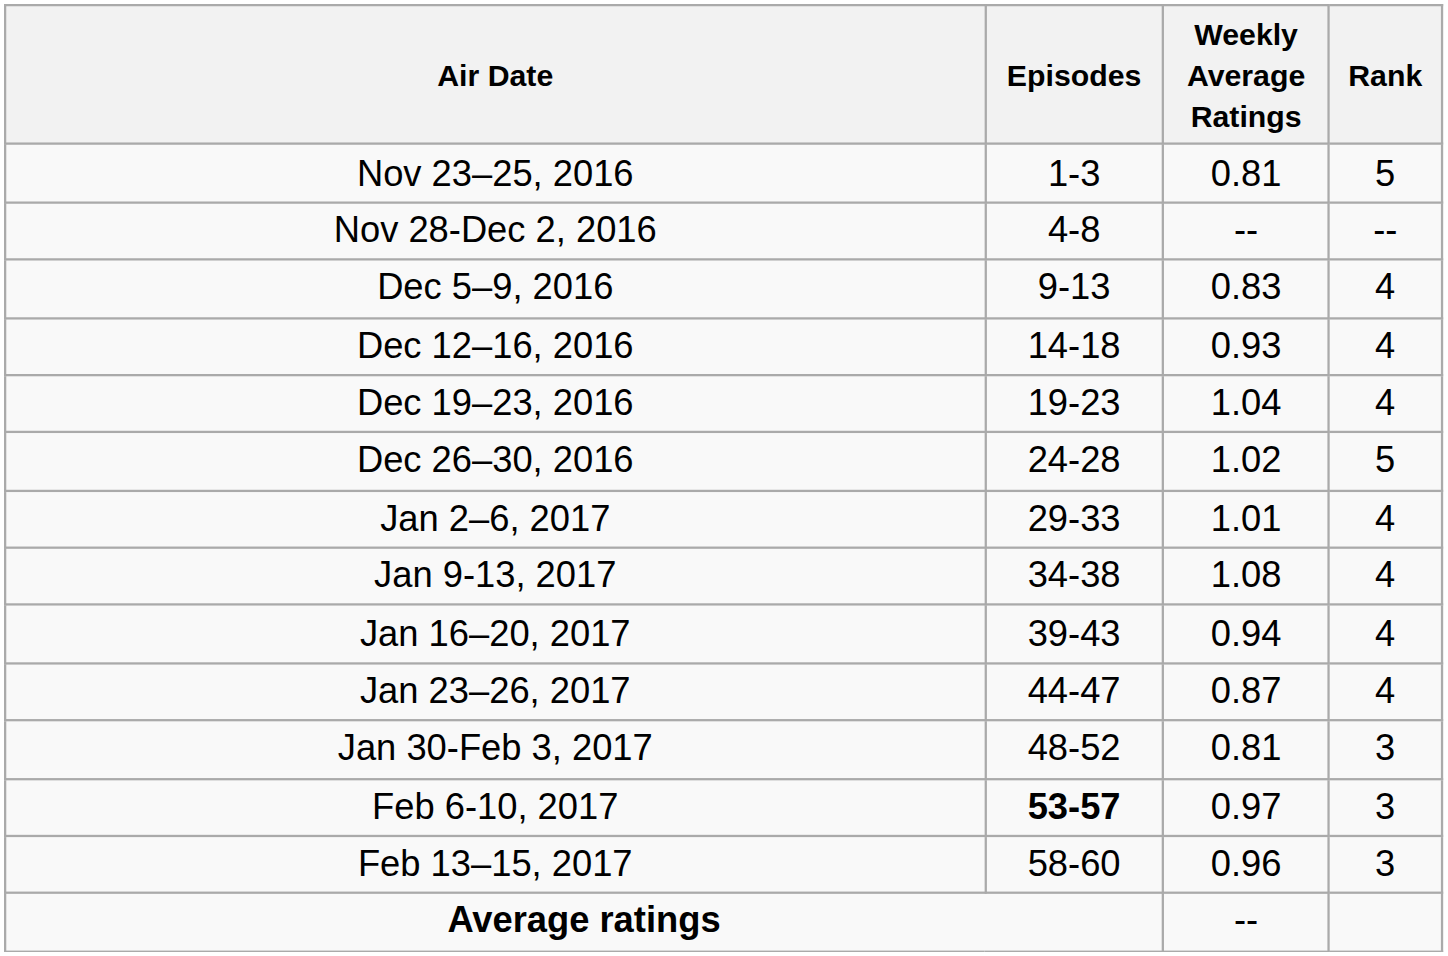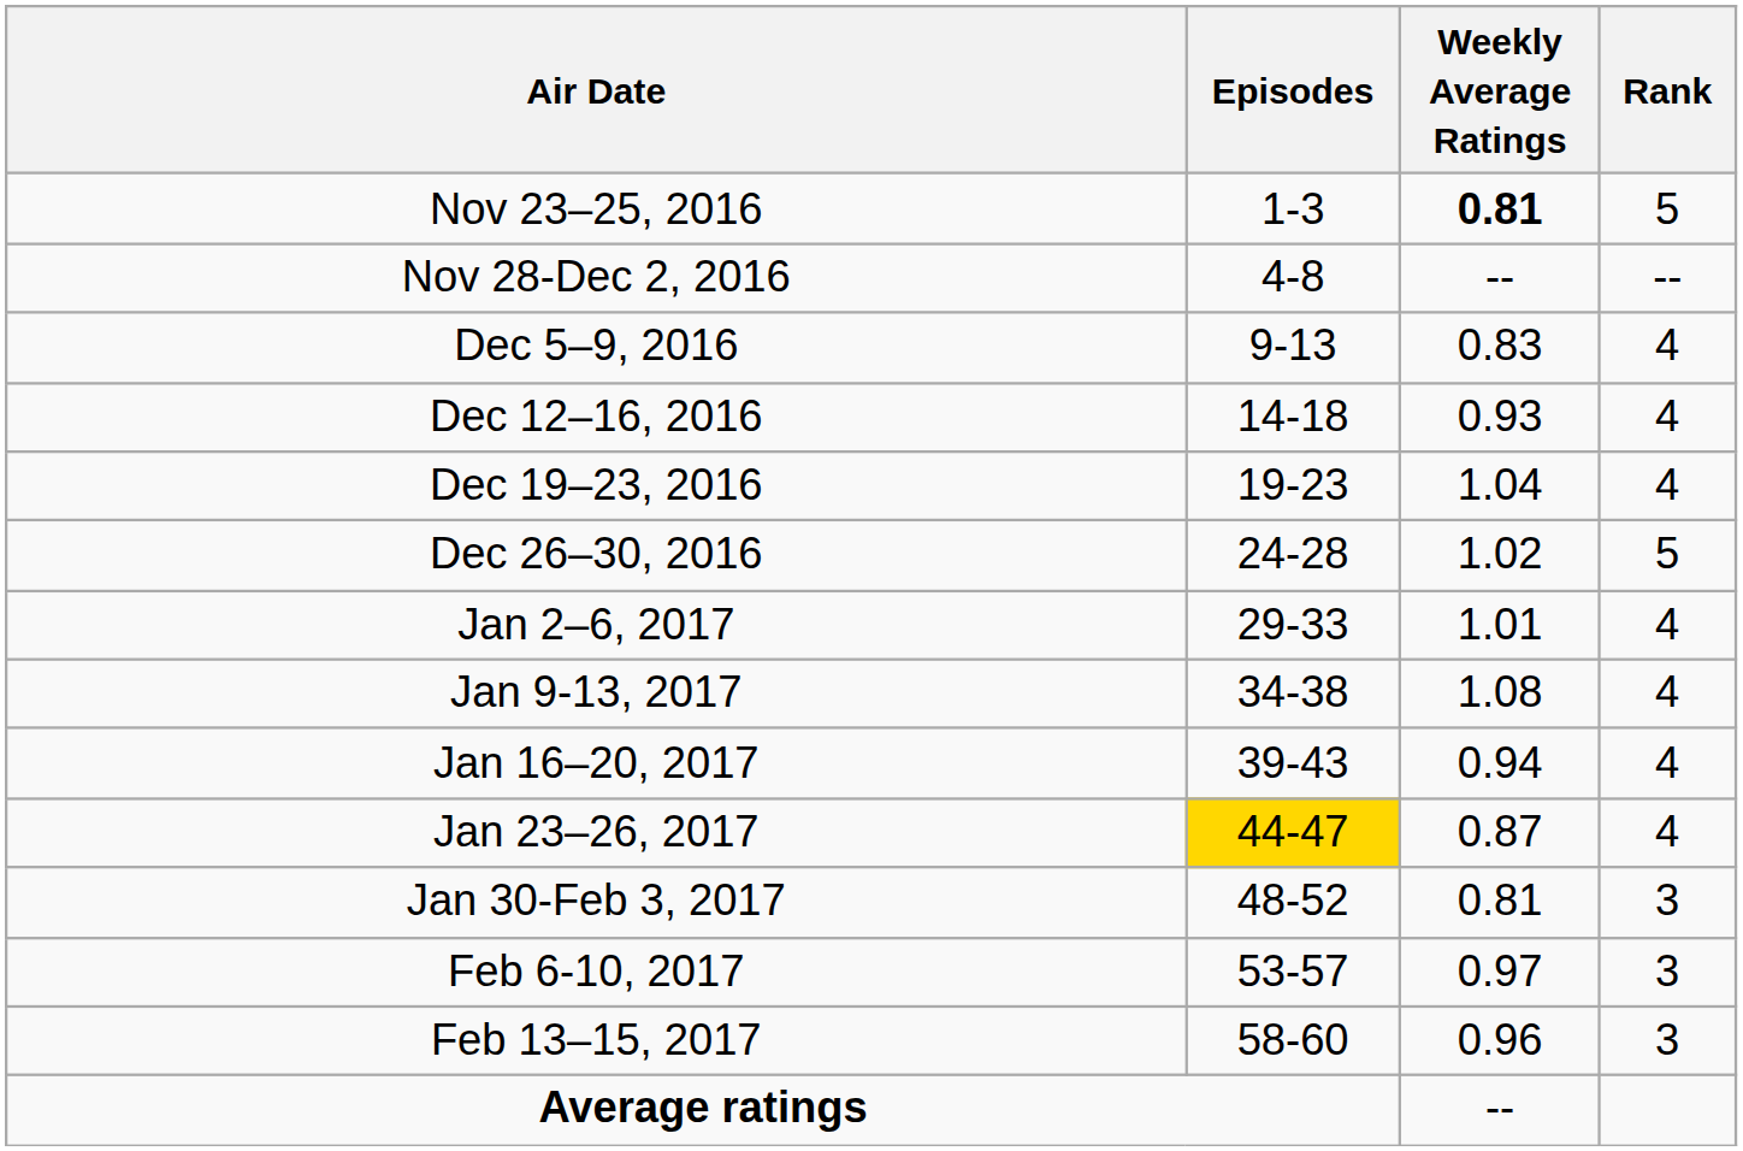 <table class="wikitable" style="text-align:center;width:40%;">
 <tr>
 <th width="50%"><small>Air Date</small></th>
 <th width="5%"><small>Episodes</small></th>
 <th width="6%"><small>Weekly Average Ratings</small></th>
 <th width="4%"><small>Rank</small></th>
 </tr>
 <tr>
 <td>Nov 23–25, 2016</td>
 <td>1-3</td>
-<td>0.81</td>
+<td><strong>0.81</strong></td>
 <td>5</td>
 </tr>
 <tr>
 <td>Nov 28-Dec 2, 2016</td>
 <td>4-8</td>
 <td>--</td>
 <td>--</td>
 </tr>
 <tr>
 <td>Dec 5–9, 2016</td>
 <td>9-13</td>
 <td>0.83</td>
 <td>4</td>
 </tr>
 <tr>
 <td>Dec 12–16, 2016</td>
 <td>14-18</td>
 <td>0.93</td>
 <td>4</td>
 </tr>
 <tr>
 <td>Dec 19–23, 2016</td>
 <td>19-23</td>
 <td>1.04</td>
 <td>4</td>
 </tr>
 <tr>
 <td>Dec 26–30, 2016</td>
 <td>24-28</td>
 <td>1.02</td>
 <td>5</td>
 </tr>
 <tr>
 <td>Jan 2–6, 2017</td>
 <td>29-33</td>
 <td>1.01</td>
 <td>4</td>
 </tr>
 <tr>
 <td>Jan 9-13, 2017</td>
 <td>34-38</td>
 <td>1.08</td>
 <td>4</td>
 </tr>
 <tr>
 <td>Jan 16–20, 2017</td>
 <td>39-43</td>
 <td>0.94</td>
 <td>4</td>
 </tr>
 <tr>
 <td>Jan 23–26, 2017</td>
-<td>44-47</td>
+<td style="background: gold;">44-47</td>
 <td>0.87</td>
 <td>4</td>
 </tr>
 <tr>
 <td>Jan 30-Feb 3, 2017</td>
 <td>48-52</td>
 <td>0.81</td>
 <td>3</td>
 </tr>
 <tr>
 <td>Feb 6-10, 2017</td>
-<td><strong>53-57</strong></td>
+<td>53-57</td>
 <td>0.97</td>
 <td>3</td>
 </tr>
 <tr>
 <td>Feb 13–15, 2017</td>
 <td>58-60</td>
 <td>0.96</td>
 <td>3</td>
 </tr>
 <tr>
 <td colspan=2><strong>Average ratings</strong></td>
 <td>--</td>
 <td></td>
 </tr>
 </table>
